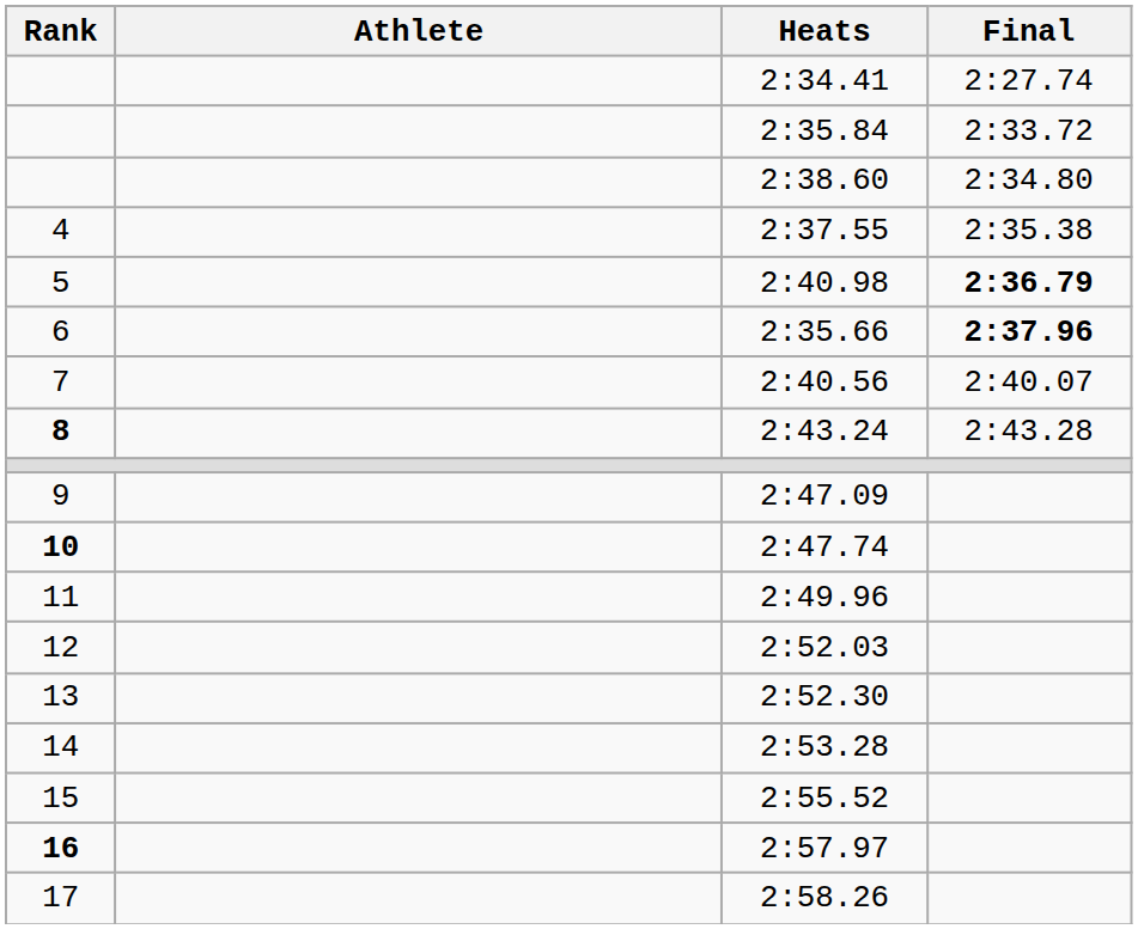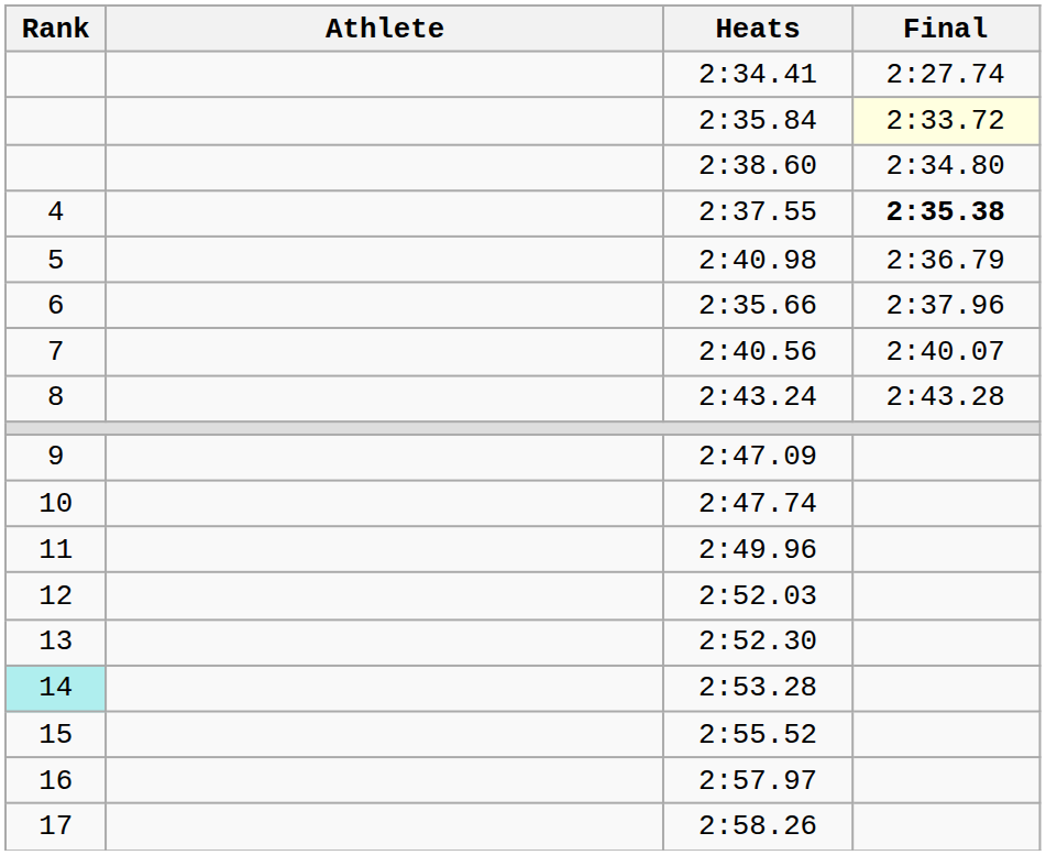 <table class=wikitable style="text-align:center">
 <tr>
 <th width=40>Rank</th>
 <th width=250>Athlete</th>
 <th width=80>Heats</th>
 <th width=80>Final</th>
 </tr>
 <tr>
 <td></td>
 <td align=left></td>
 <td>2:34.41</td>
 <td>2:27.74</td>
 </tr>
 <tr>
 <td></td>
 <td align=left></td>
 <td>2:35.84</td>
-<td>2:33.72</td>
+<td style="background: lightyellow;">2:33.72</td>
 </tr>
 <tr>
 <td></td>
 <td align=left></td>
 <td>2:38.60</td>
 <td>2:34.80</td>
 </tr>
 <tr>
 <td>4</td>
 <td align=left></td>
 <td>2:37.55</td>
-<td>2:35.38</td>
+<td><strong>2:35.38</strong></td>
 </tr>
 <tr>
 <td>5</td>
 <td align=left></td>
 <td>2:40.98</td>
-<td><strong>2:36.79</strong></td>
+<td>2:36.79</td>
 </tr>
 <tr>
 <td>6</td>
 <td align=left></td>
 <td>2:35.66</td>
-<td><strong>2:37.96</strong></td>
+<td>2:37.96</td>
 </tr>
 <tr>
 <td>7</td>
 <td align=left></td>
 <td>2:40.56</td>
 <td>2:40.07</td>
 </tr>
 <tr>
-<td><strong>8</strong></td>
+<td>8</td>
 <td align=left></td>
 <td>2:43.24</td>
 <td>2:43.28</td>
 </tr>
 <tr bgcolor=#DDDDDD>
 <td colspan=4></td>
 </tr>
 <tr>
 <td>9</td>
 <td align=left></td>
 <td>2:47.09</td>
 <td></td>
 </tr>
 <tr>
-<td><strong>10</strong></td>
+<td>10</td>
 <td align=left></td>
 <td>2:47.74</td>
 <td></td>
 </tr>
 <tr>
 <td>11</td>
 <td align=left></td>
 <td>2:49.96</td>
 <td></td>
 </tr>
 <tr>
 <td>12</td>
 <td align=left></td>
 <td>2:52.03</td>
 <td></td>
 </tr>
 <tr>
 <td>13</td>
 <td align=left></td>
 <td>2:52.30</td>
 <td></td>
 </tr>
 <tr>
-<td>14</td>
+<td style="background: paleturquoise;">14</td>
 <td align=left></td>
 <td>2:53.28</td>
 <td></td>
 </tr>
 <tr>
 <td>15</td>
 <td align=left></td>
 <td>2:55.52</td>
 <td></td>
 </tr>
 <tr>
-<td><strong>16</strong></td>
+<td>16</td>
 <td align=left></td>
 <td>2:57.97</td>
 <td></td>
 </tr>
 <tr>
 <td>17</td>
 <td align=left></td>
 <td>2:58.26</td>
 <td></td>
 </tr>
 </table>
